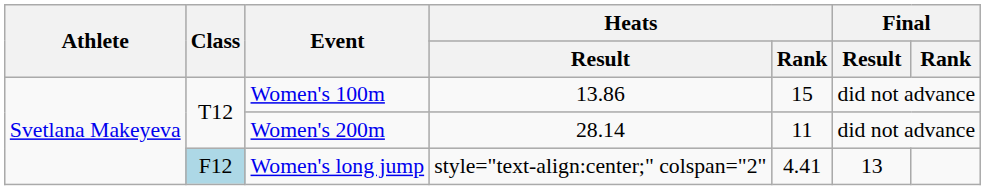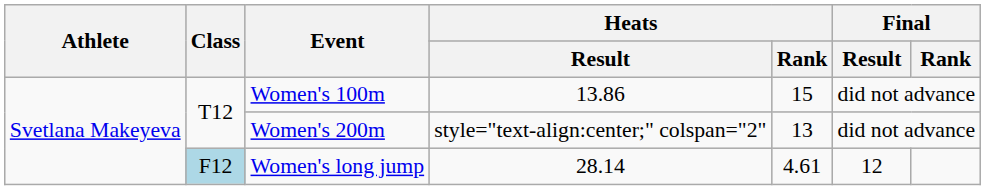 <table class=wikitable style="font-size:90%">
 <tr>
 <th rowspan="2">Athlete</th>
 <th rowspan="2">Class</th>
 <th rowspan="2">Event</th>
 <th colspan="2">Heats</th>
 <th colspan="3">Final</th>
 </tr>
 <tr>
 <th>Result</th>
 <th>Rank</th>
 <th>Result</th>
 <th>Rank</th>
 </tr>
 <tr>
 <td rowspan="3"><a href='#'>Svetlana Makeyeva</a></td>
 <td rowspan="2" style="text-align:center;">T12</td>
 <td><a href='#'>Women's 100m</a></td>
 <td style="text-align:center;">13.86</td>
 <td style="text-align:center;">15</td>
 <td style="text-align:center;" colspan="2">did not advance</td>
 </tr>
 <tr>
 <td><a href='#'>Women's 200m</a></td>
-<td style="text-align:center;">28.14</td>
-<td style="text-align:center;">11</td>
+<td>style="text-align:center;" colspan="2" </td>
+<td style="text-align:center;">13</td>
 <td style="text-align:center;" colspan="2">did not advance</td>
 </tr>
 <tr>
 <td style="background: lightblue; text-align:center;">F12</td>
 <td><a href='#'>Women's long jump</a></td>
-<td>style="text-align:center;" colspan="2" </td>
-<td style="text-align:center;">4.41</td>
-<td style="text-align:center;">13</td>
+<td style="text-align:center;">28.14</td>
+<td style="text-align:center;">4.61</td>
+<td style="text-align:center;">12</td>
 </tr>
 </table>
